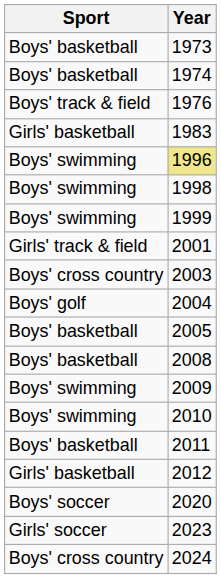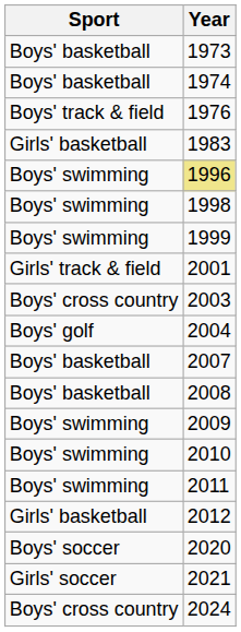 <table class="wikitable">
 <tr>
 <th><strong>Sport</strong></th>
 <th><strong>Year</strong></th>
 </tr>
 <tr>
 <td>Boys' basketball</td>
 <td>1973</td>
 </tr>
 <tr>
 <td>Boys' basketball</td>
 <td>1974</td>
 </tr>
 <tr>
 <td>Boys' track & field</td>
 <td>1976</td>
 </tr>
 <tr>
 <td>Girls' basketball</td>
 <td>1983</td>
 </tr>
 <tr>
 <td>Boys' swimming</td>
 <td style="background: khaki;">1996</td>
 </tr>
 <tr>
 <td>Boys' swimming</td>
 <td>1998</td>
 </tr>
 <tr>
 <td>Boys' swimming</td>
 <td>1999</td>
 </tr>
 <tr>
 <td>Girls' track & field</td>
 <td>2001</td>
 </tr>
 <tr>
 <td>Boys' cross country</td>
 <td>2003</td>
 </tr>
 <tr>
 <td>Boys' golf</td>
 <td>2004</td>
 </tr>
 <tr>
 <td>Boys' basketball</td>
-<td>2005</td>
+<td>2007</td>
 </tr>
 <tr>
 <td>Boys' basketball</td>
 <td>2008</td>
 </tr>
 <tr>
 <td>Boys' swimming</td>
 <td>2009</td>
 </tr>
 <tr>
 <td>Boys' swimming</td>
 <td>2010</td>
 </tr>
 <tr>
-<td>Boys' basketball</td>
+<td>Boys' swimming</td>
 <td>2011</td>
 </tr>
 <tr>
 <td>Girls' basketball</td>
 <td>2012</td>
 </tr>
 <tr>
 <td>Boys' soccer</td>
 <td>2020</td>
 </tr>
 <tr>
 <td>Girls' soccer</td>
-<td>2023</td>
+<td>2021</td>
 </tr>
 <tr>
 <td>Boys' cross country</td>
 <td>2024</td>
 </tr>
 </table>
